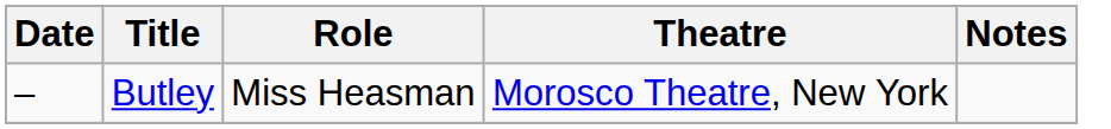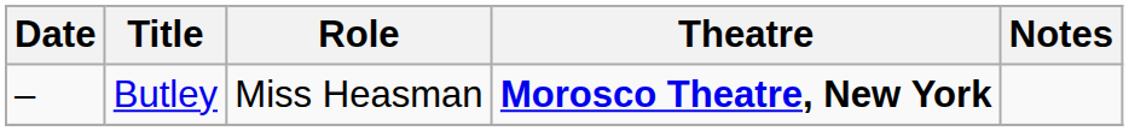 <table class="wikitable sortable">
 <tr>
 <th>Date</th>
 <th>Title</th>
 <th>Role</th>
 <th>Theatre</th>
 <th class="unsortable">Notes</th>
 </tr>
 <tr>
 <td> – </td>
 <td><a href='#'>Butley</a></td>
 <td>Miss Heasman</td>
-<td><a href='#'>Morosco Theatre</a>, New York</td>
+<td><strong><a href='#'>Morosco Theatre</a>, New York</strong></td>
 <td></td>
 </tr>
 <tr>
 </tr>
 </table>
